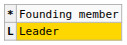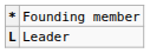 <table class="wikitable">
 <tr>
 <th>*</th>
 <td>Founding member</td>
 </tr>
 <tr>
 <th><strong>L</strong></th>
-<td style="background: gold;">Leader</td>
+<td>Leader</td>
 </tr>
 </table>
